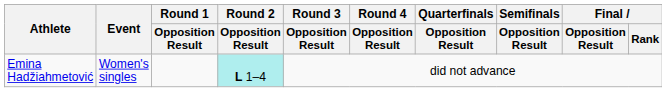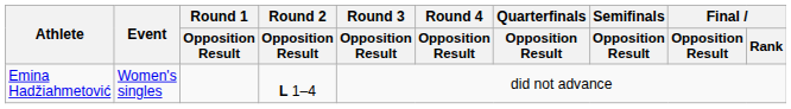 <table class="wikitable" style="text-align:center; font-size:90%">
 <tr>
 <th rowspan=2>Athlete</th>
 <th rowspan=2>Event</th>
 <th>Round 1</th>
 <th>Round 2</th>
 <th>Round 3</th>
 <th>Round 4</th>
 <th>Quarterfinals</th>
 <th>Semifinals</th>
 <th colspan=2>Final / </th>
 </tr>
 <tr style="font-size:95%">
 <th>Opposition<br>Result</th>
 <th>Opposition<br>Result</th>
 <th>Opposition<br>Result</th>
 <th>Opposition<br>Result</th>
 <th>Opposition<br>Result</th>
 <th>Opposition<br>Result</th>
 <th>Opposition<br>Result</th>
 <th>Rank</th>
 </tr>
 <tr>
 <td align=left><a href='#'>Emina Hadžiahmetović</a></td>
 <td rowspan=2 align=left><a href='#'>Women's singles</a></td>
 <td></td>
-<td style="background: paleturquoise;"><br><strong>L</strong> 1–4</td>
+<td><br><strong>L</strong> 1–4</td>
 <td colspan=6>did not advance</td>
 </tr>
 </table>
